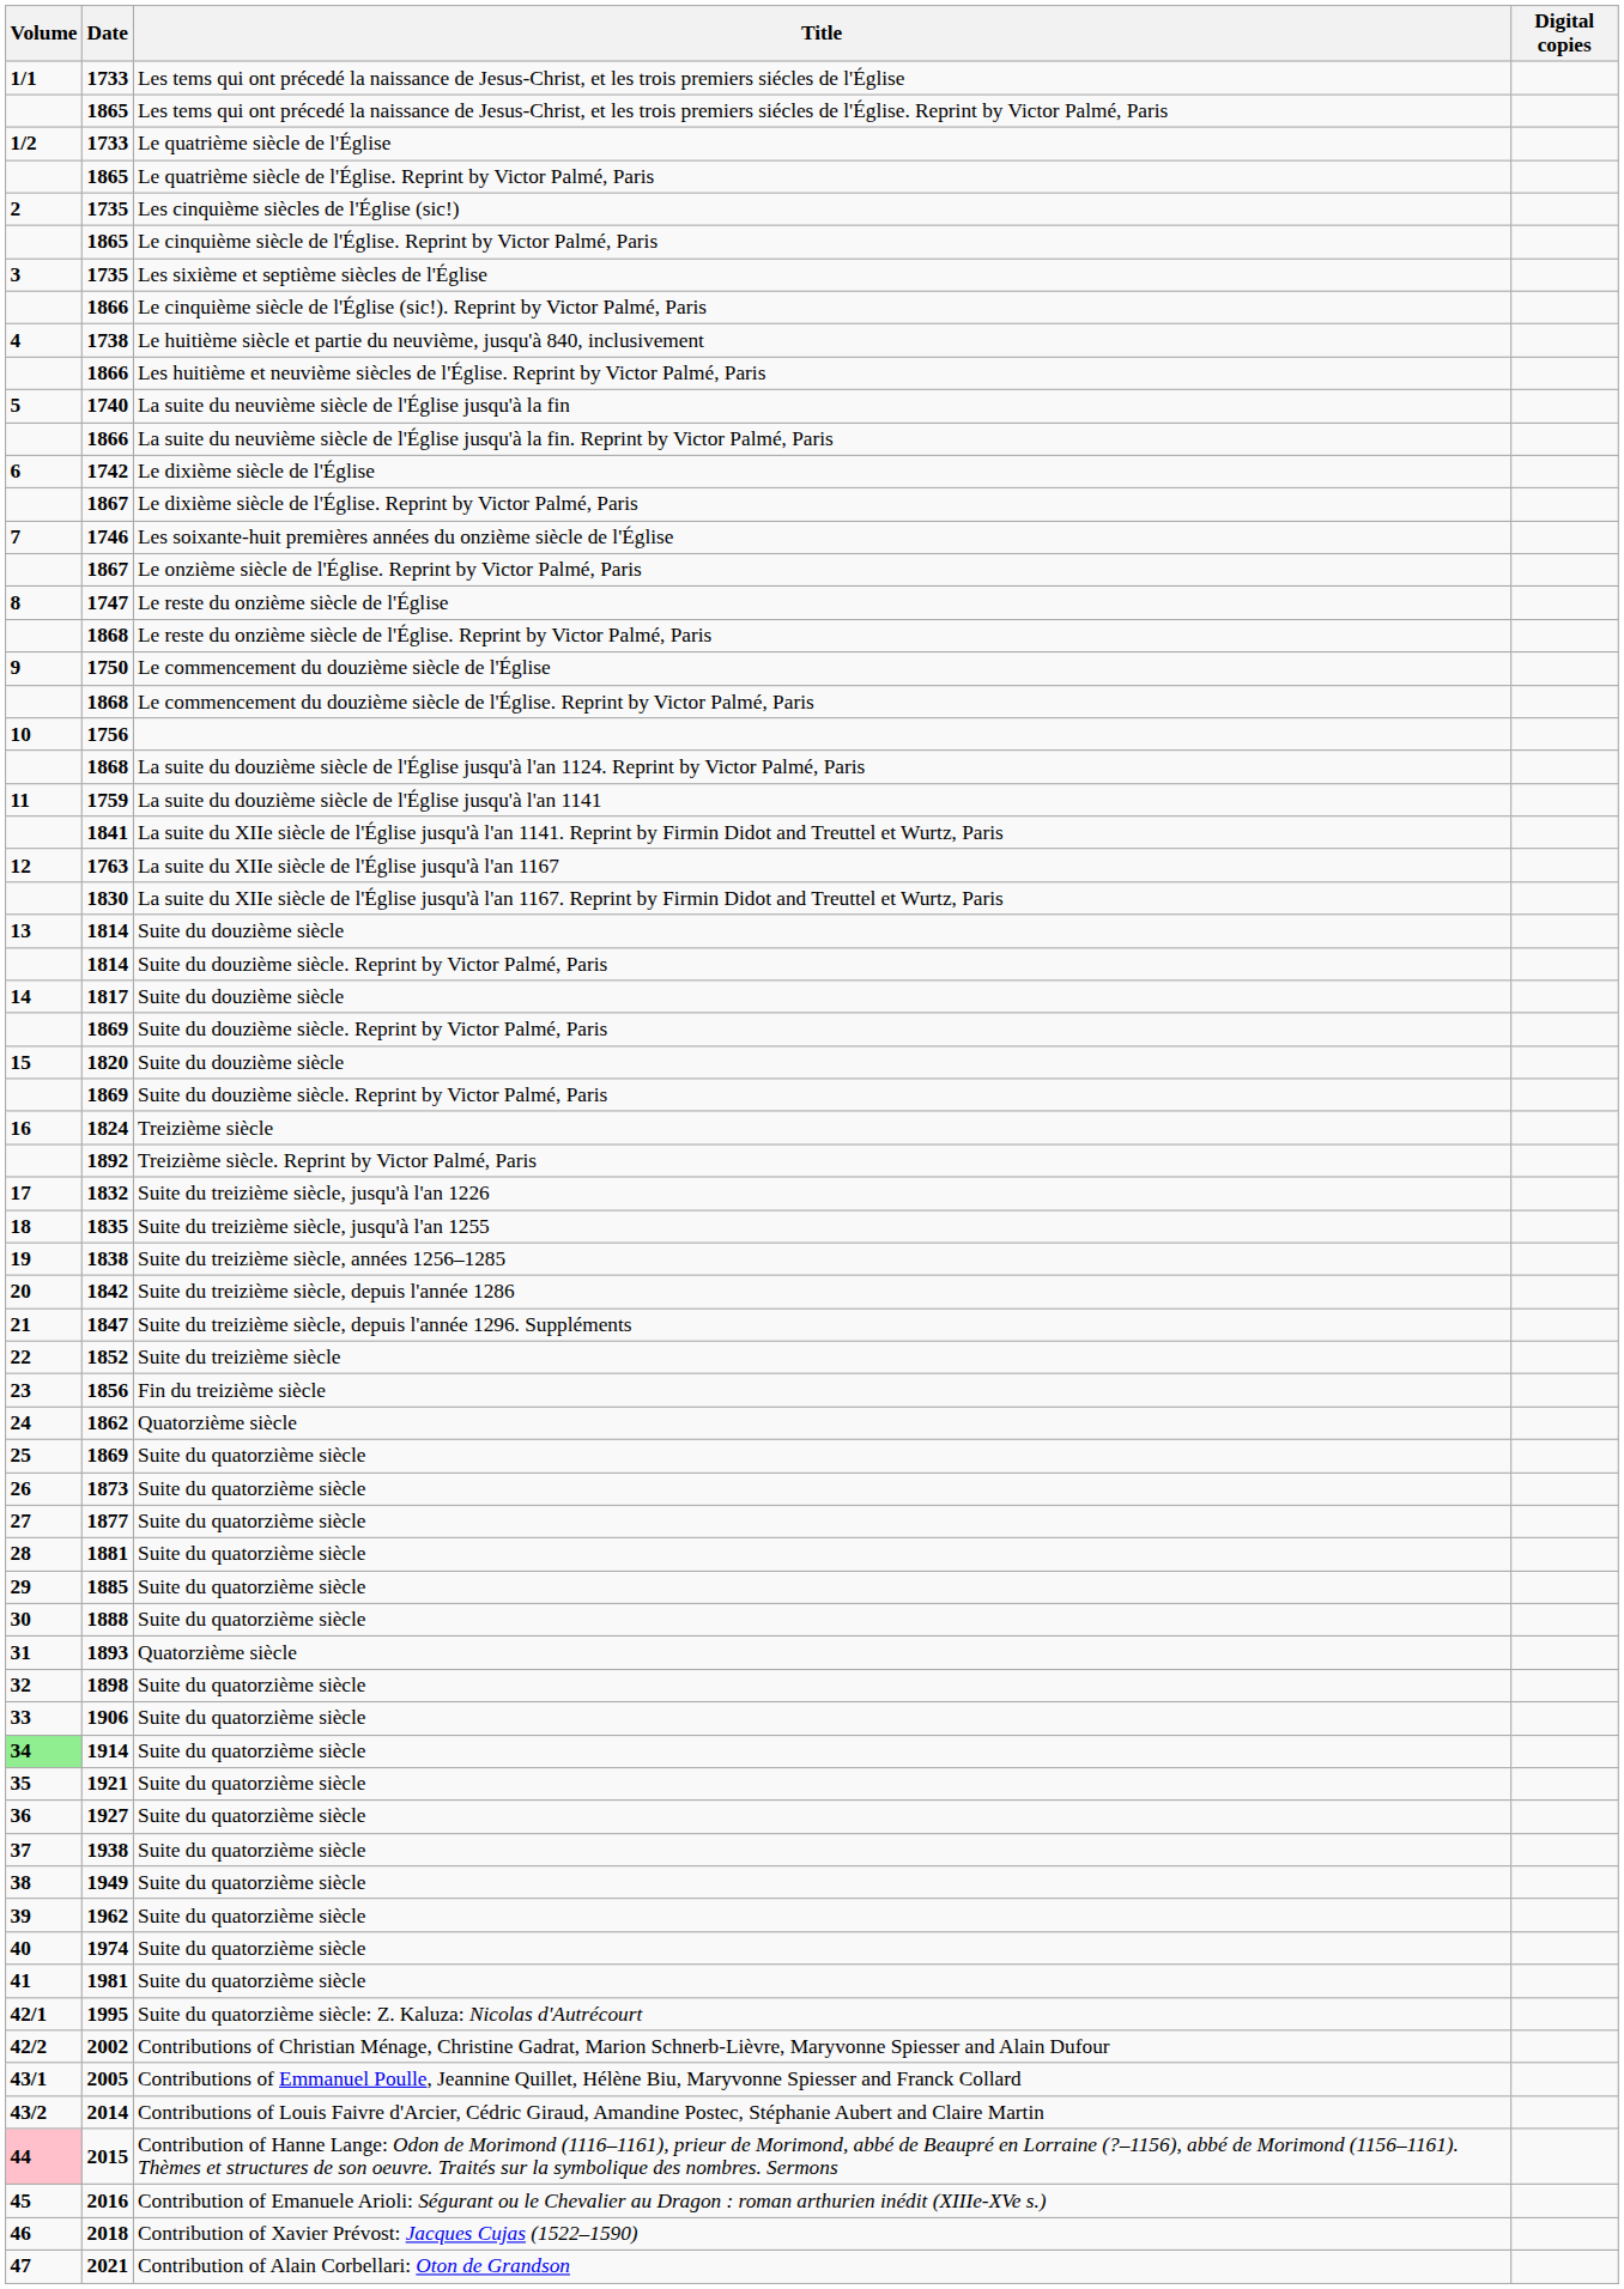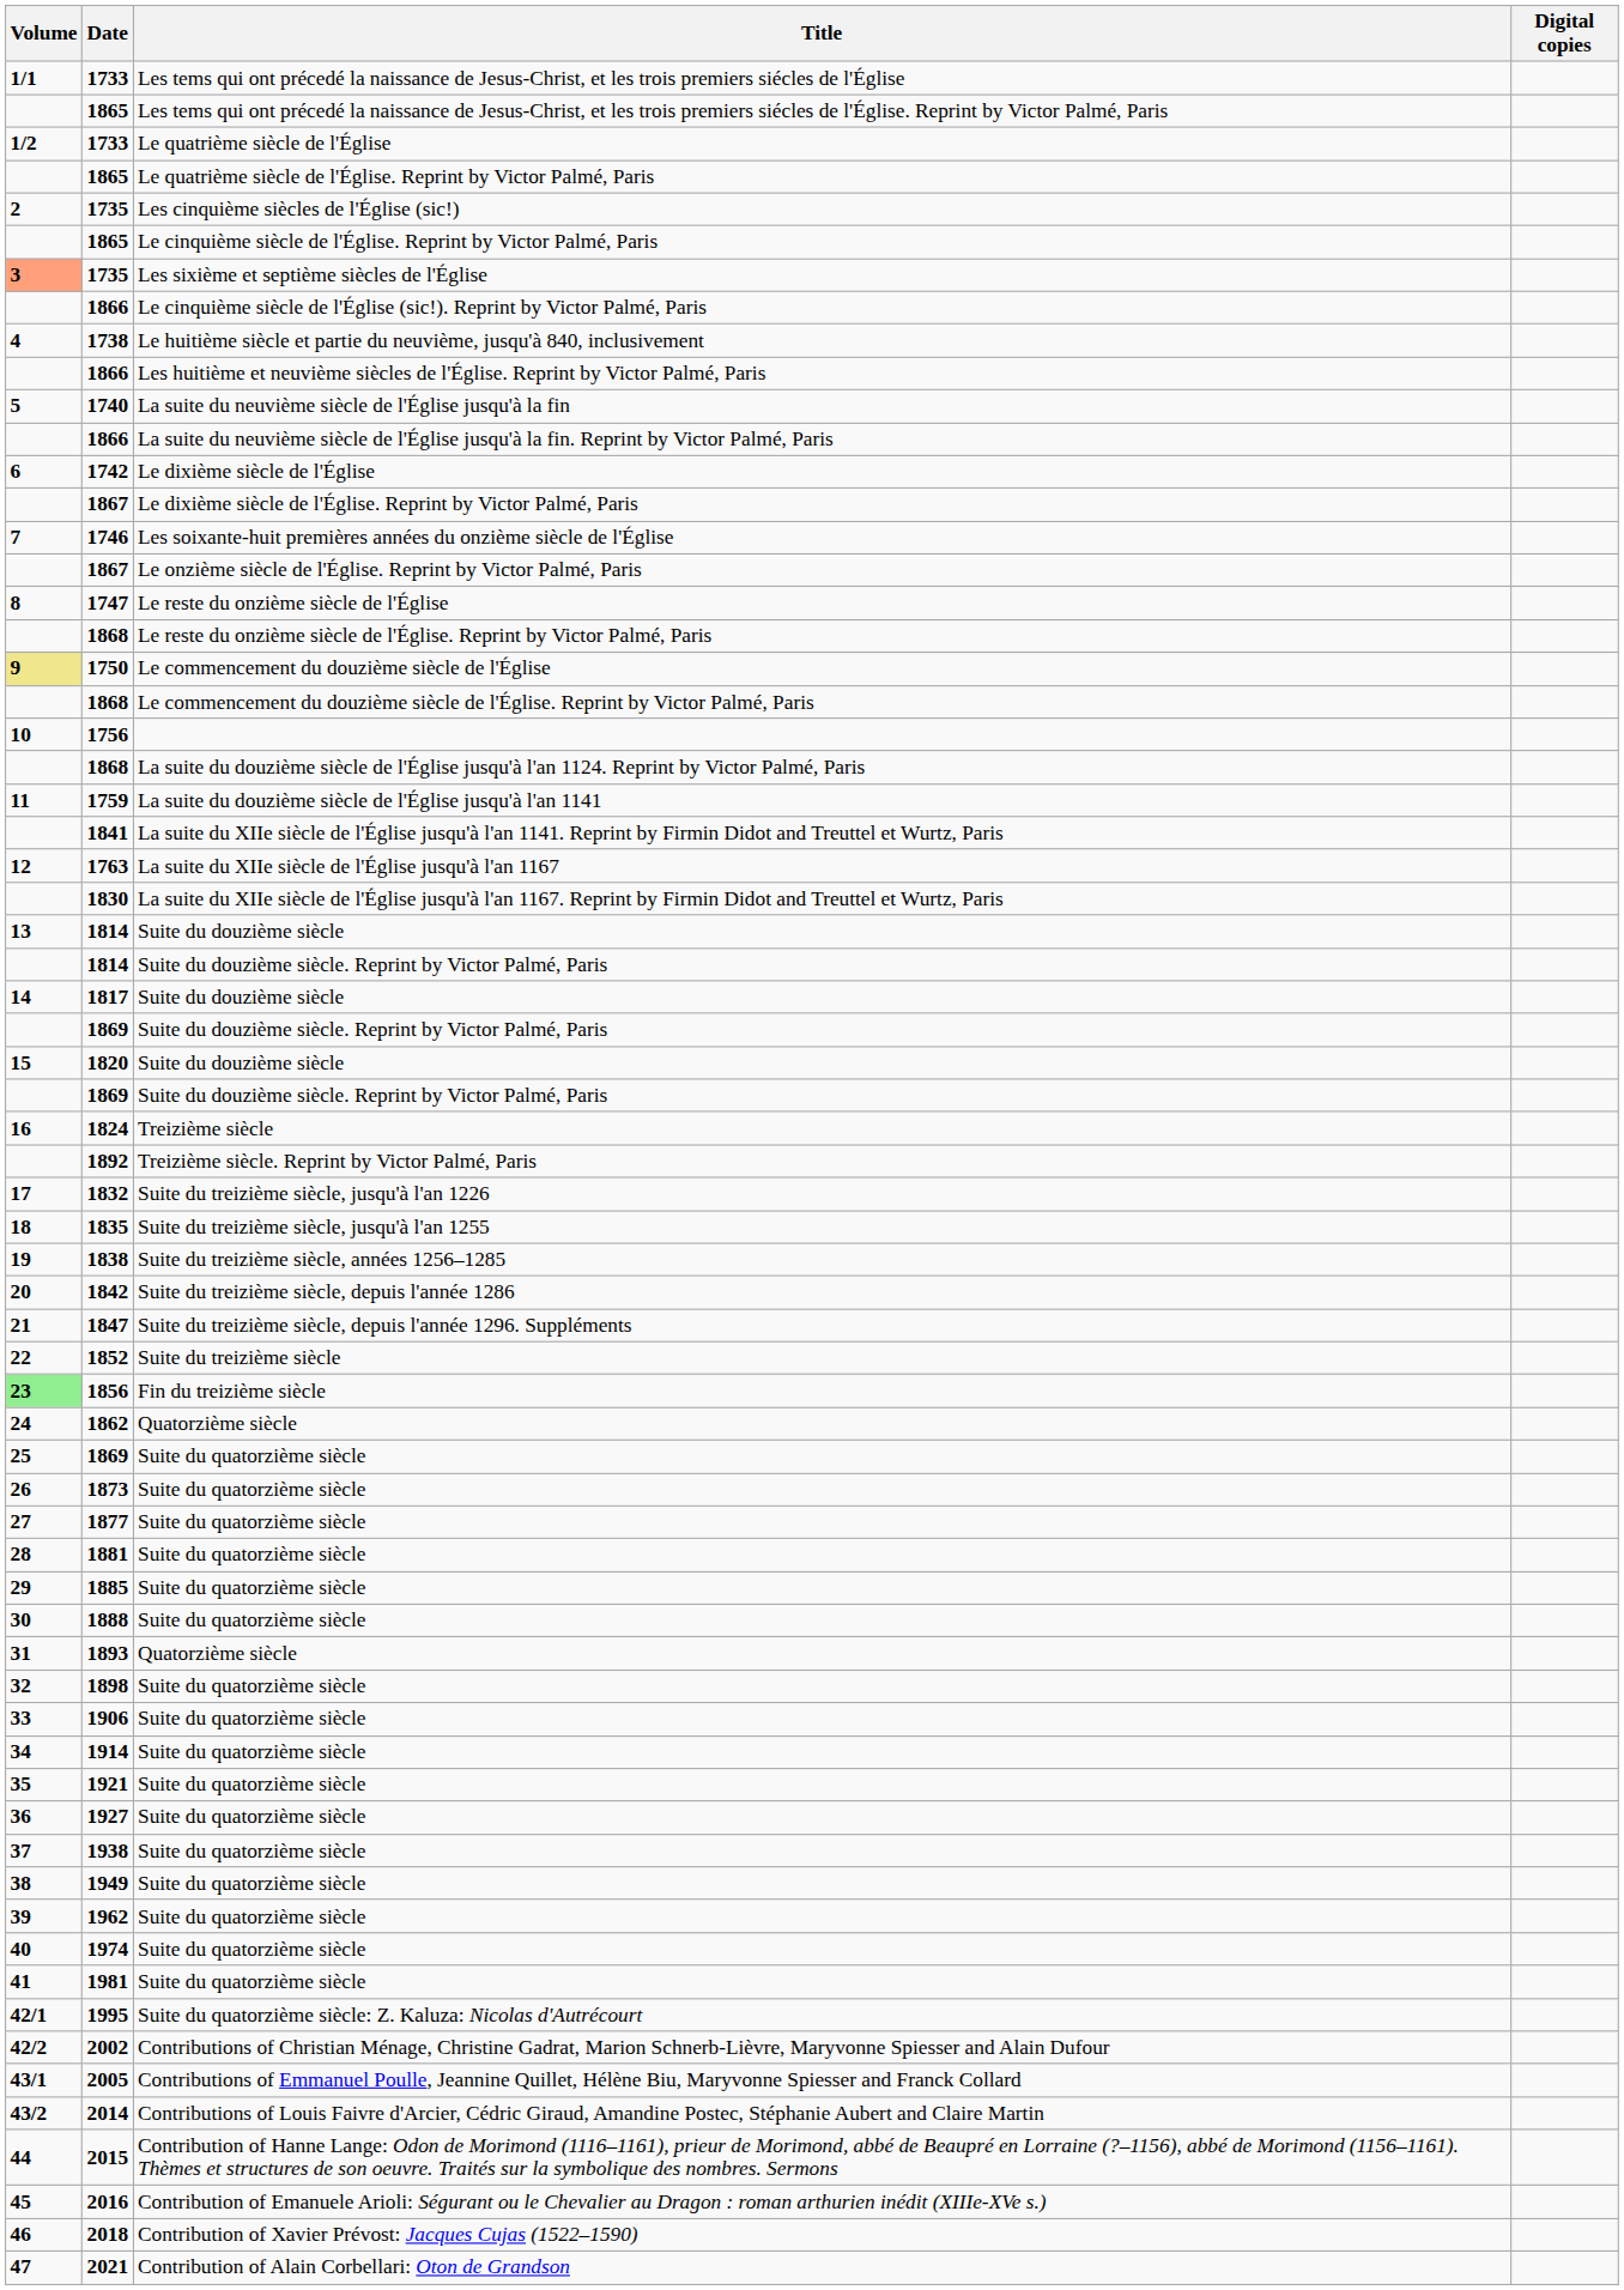 <table class="wikitable">
 <tr>
 <th align="left">Volume</th>
 <th align="left">Date</th>
 <th align="left">Title</th>
 <th align="left">Digital copies</th>
 </tr>
 <tr>
 <td><strong>1/1</strong></td>
 <td><strong>1733</strong></td>
 <td>Les tems qui ont précedé la naissance de Jesus-Christ, et les trois premiers siécles de l'Église</td>
 <td></td>
 </tr>
 <tr>
 <td></td>
 <td><strong>1865</strong></td>
 <td>Les tems qui ont précedé la naissance de Jesus-Christ, et les trois premiers siécles de l'Église. Reprint by Victor Palmé, Paris</td>
 <td></td>
 </tr>
 <tr>
 <td><strong>1/2</strong></td>
 <td><strong>1733</strong></td>
 <td>Le quatrième siècle de l'Église</td>
 <td></td>
 </tr>
 <tr>
 <td></td>
 <td><strong>1865</strong></td>
 <td>Le quatrième siècle de l'Église. Reprint by Victor Palmé, Paris</td>
 <td></td>
 </tr>
 <tr>
 <td><strong>2</strong></td>
 <td><strong>1735</strong></td>
 <td>Les cinquième siècles de l'Église (sic!)</td>
 <td></td>
 </tr>
 <tr>
 <td></td>
 <td><strong>1865</strong></td>
 <td>Le cinquième siècle de l'Église. Reprint by Victor Palmé, Paris</td>
 <td></td>
 </tr>
 <tr>
-<td><strong>3</strong></td>
+<td style="background: lightsalmon;"><strong>3</strong></td>
 <td><strong>1735</strong></td>
 <td>Les sixième et septième siècles de l'Église</td>
 <td></td>
 </tr>
 <tr>
 <td></td>
 <td><strong>1866</strong></td>
 <td>Le cinquième siècle de l'Église (sic!). Reprint by Victor Palmé, Paris</td>
 <td></td>
 </tr>
 <tr>
 <td><strong>4</strong></td>
 <td><strong>1738</strong></td>
 <td>Le huitième siècle et partie du neuvième, jusqu'à 840, inclusivement</td>
 <td></td>
 </tr>
 <tr>
 <td></td>
 <td><strong>1866</strong></td>
 <td>Les huitième et neuvième siècles de l'Église. Reprint by Victor Palmé, Paris</td>
 <td></td>
 </tr>
 <tr>
 <td><strong>5</strong></td>
 <td><strong>1740</strong></td>
 <td>La suite du neuvième siècle de l'Église jusqu'à la fin</td>
 <td></td>
 </tr>
 <tr>
 <td></td>
 <td><strong>1866</strong></td>
 <td>La suite du neuvième siècle de l'Église jusqu'à la fin. Reprint by Victor Palmé, Paris</td>
 <td></td>
 </tr>
 <tr>
 <td><strong>6</strong></td>
 <td><strong>1742</strong></td>
 <td>Le dixième siècle de l'Église</td>
 <td></td>
 </tr>
 <tr>
 <td></td>
 <td><strong>1867</strong></td>
 <td>Le dixième siècle de l'Église. Reprint by Victor Palmé, Paris</td>
 <td></td>
 </tr>
 <tr>
 <td><strong>7</strong></td>
 <td><strong>1746</strong></td>
 <td>Les soixante-huit premières années du onzième siècle de l'Église</td>
 <td></td>
 </tr>
 <tr>
 <td></td>
 <td><strong>1867</strong></td>
 <td>Le onzième siècle de l'Église. Reprint by Victor Palmé, Paris</td>
 <td></td>
 </tr>
 <tr>
 <td><strong>8</strong></td>
 <td><strong>1747</strong></td>
 <td>Le reste du onzième siècle de l'Église</td>
 <td></td>
 </tr>
 <tr>
 <td></td>
 <td><strong>1868</strong></td>
 <td>Le reste du onzième siècle de l'Église. Reprint by Victor Palmé, Paris</td>
 <td></td>
 </tr>
 <tr>
-<td><strong>9</strong></td>
+<td style="background: khaki;"><strong>9</strong></td>
 <td><strong>1750</strong></td>
 <td>Le commencement du douzième siècle de l'Église</td>
 <td></td>
 </tr>
 <tr>
 <td></td>
 <td><strong>1868</strong></td>
 <td>Le commencement du douzième siècle de l'Église. Reprint by Victor Palmé, Paris</td>
 <td></td>
 </tr>
 <tr>
 <td><strong>10</strong></td>
 <td><strong>1756</strong></td>
 <td></td>
 <td></td>
 </tr>
 <tr>
 <td></td>
 <td><strong>1868</strong></td>
 <td>La suite du douzième siècle de l'Église jusqu'à l'an 1124. Reprint by Victor Palmé, Paris</td>
 <td></td>
 </tr>
 <tr>
 <td><strong>11</strong></td>
 <td><strong>1759</strong></td>
 <td>La suite du douzième siècle de l'Église jusqu'à l'an 1141</td>
 <td></td>
 </tr>
 <tr>
 <td></td>
 <td><strong>1841</strong></td>
 <td>La suite du XIIe siècle de l'Église jusqu'à l'an 1141. Reprint by Firmin Didot and Treuttel et Wurtz, Paris</td>
 <td></td>
 </tr>
 <tr>
 <td><strong>12</strong></td>
 <td><strong>1763</strong></td>
 <td>La suite du XIIe siècle de l'Église jusqu'à l'an 1167</td>
 <td></td>
 </tr>
 <tr>
 <td></td>
 <td><strong>1830</strong></td>
 <td>La suite du XIIe siècle de l'Église jusqu'à l'an 1167. Reprint by Firmin Didot and Treuttel et Wurtz, Paris</td>
 <td></td>
 </tr>
 <tr>
 <td><strong>13</strong></td>
 <td><strong>1814</strong></td>
 <td>Suite du douzième siècle</td>
 <td></td>
 </tr>
 <tr>
 <td></td>
 <td><strong>1814</strong></td>
 <td>Suite du douzième siècle. Reprint by Victor Palmé, Paris</td>
 <td></td>
 </tr>
 <tr>
 <td><strong>14</strong></td>
 <td><strong>1817</strong></td>
 <td>Suite du douzième siècle</td>
 <td></td>
 </tr>
 <tr>
 <td></td>
 <td><strong>1869</strong></td>
 <td>Suite du douzième siècle. Reprint by Victor Palmé, Paris</td>
 <td></td>
 </tr>
 <tr>
 <td><strong>15</strong></td>
 <td><strong>1820</strong></td>
 <td>Suite du douzième siècle</td>
 <td></td>
 </tr>
 <tr>
 <td></td>
 <td><strong>1869</strong></td>
 <td>Suite du douzième siècle. Reprint by Victor Palmé, Paris</td>
 <td></td>
 </tr>
 <tr>
 <td><strong>16</strong></td>
 <td><strong>1824</strong></td>
 <td>Treizième siècle</td>
 <td></td>
 </tr>
 <tr>
 <td></td>
 <td><strong>1892</strong></td>
 <td>Treizième siècle. Reprint by Victor Palmé, Paris</td>
 <td></td>
 </tr>
 <tr>
 <td><strong>17</strong></td>
 <td><strong>1832</strong></td>
 <td>Suite du treizième siècle, jusqu'à l'an 1226</td>
 <td></td>
 </tr>
 <tr>
 <td><strong>18</strong></td>
 <td><strong>1835</strong></td>
 <td>Suite du treizième siècle, jusqu'à l'an 1255</td>
 <td></td>
 </tr>
 <tr>
 <td><strong>19</strong></td>
 <td><strong>1838</strong></td>
 <td>Suite du treizième siècle, années 1256–1285</td>
 <td></td>
 </tr>
 <tr>
 <td><strong>20</strong></td>
 <td><strong>1842</strong></td>
 <td>Suite du treizième siècle, depuis l'année 1286</td>
 <td></td>
 </tr>
 <tr>
 <td><strong>21</strong></td>
 <td><strong>1847</strong></td>
 <td>Suite du treizième siècle, depuis l'année 1296. Suppléments</td>
 <td></td>
 </tr>
 <tr>
 <td><strong>22</strong></td>
 <td><strong>1852</strong></td>
 <td>Suite du treizième siècle</td>
 <td></td>
 </tr>
 <tr>
-<td><strong>23</strong></td>
+<td style="background: lightgreen;"><strong>23</strong></td>
 <td><strong>1856</strong></td>
 <td>Fin du treizième siècle</td>
 <td></td>
 </tr>
 <tr>
 <td><strong>24</strong></td>
 <td><strong>1862</strong></td>
 <td>Quatorzième siècle</td>
 <td></td>
 </tr>
 <tr>
 <td><strong>25</strong></td>
 <td><strong>1869</strong></td>
 <td>Suite du quatorzième siècle</td>
 <td></td>
 </tr>
 <tr>
 <td><strong>26</strong></td>
 <td><strong>1873</strong></td>
 <td>Suite du quatorzième siècle</td>
 <td></td>
 </tr>
 <tr>
 <td><strong>27</strong></td>
 <td><strong>1877</strong></td>
 <td>Suite du quatorzième siècle</td>
 <td></td>
 </tr>
 <tr>
 <td><strong>28</strong></td>
 <td><strong>1881</strong></td>
 <td>Suite du quatorzième siècle</td>
 <td></td>
 </tr>
 <tr>
 <td><strong>29</strong></td>
 <td><strong>1885</strong></td>
 <td>Suite du quatorzième siècle</td>
 <td></td>
 </tr>
 <tr>
 <td><strong>30</strong></td>
 <td><strong>1888</strong></td>
 <td>Suite du quatorzième siècle</td>
 <td></td>
 </tr>
 <tr>
 <td><strong>31</strong></td>
 <td><strong>1893</strong></td>
 <td>Quatorzième siècle</td>
 <td></td>
 </tr>
 <tr>
 <td><strong>32</strong></td>
 <td><strong>1898</strong></td>
 <td>Suite du quatorzième siècle</td>
 <td></td>
 </tr>
 <tr>
 <td><strong>33</strong></td>
 <td><strong>1906</strong></td>
 <td>Suite du quatorzième siècle</td>
 <td></td>
 </tr>
 <tr>
-<td style="background: lightgreen;"><strong>34</strong></td>
+<td><strong>34</strong></td>
 <td><strong>1914</strong></td>
 <td>Suite du quatorzième siècle</td>
 <td></td>
 </tr>
 <tr>
 <td><strong>35</strong></td>
 <td><strong>1921</strong></td>
 <td>Suite du quatorzième siècle</td>
 <td></td>
 </tr>
 <tr>
 <td><strong>36</strong></td>
 <td><strong>1927</strong></td>
 <td>Suite du quatorzième siècle</td>
 <td></td>
 </tr>
 <tr>
 <td><strong>37</strong></td>
 <td><strong>1938</strong></td>
 <td>Suite du quatorzième siècle</td>
 <td></td>
 </tr>
 <tr>
 <td><strong>38</strong></td>
 <td><strong>1949</strong></td>
 <td>Suite du quatorzième siècle</td>
 <td></td>
 </tr>
 <tr>
 <td><strong>39</strong></td>
 <td><strong>1962</strong></td>
 <td>Suite du quatorzième siècle</td>
 <td></td>
 </tr>
 <tr>
 <td><strong>40</strong></td>
 <td><strong>1974</strong></td>
 <td>Suite du quatorzième siècle</td>
 <td></td>
 </tr>
 <tr>
 <td><strong>41</strong></td>
 <td><strong>1981</strong></td>
 <td>Suite du quatorzième siècle</td>
 <td></td>
 </tr>
 <tr>
 <td><strong>42/1</strong></td>
 <td><strong>1995</strong></td>
 <td>Suite du quatorzième siècle: Z. Kaluza: <em>Nicolas d'Autrécourt</em></td>
 <td></td>
 </tr>
 <tr>
 <td><strong>42/2</strong></td>
 <td><strong>2002</strong></td>
 <td>Contributions of Christian Ménage, Christine Gadrat, Marion Schnerb-Lièvre, Maryvonne Spiesser and Alain Dufour</td>
 <td></td>
 </tr>
 <tr>
 <td><strong>43/1</strong></td>
 <td><strong>2005</strong></td>
 <td>Contributions of <a href='#'>Emmanuel Poulle</a>, Jeannine Quillet, Hélène Biu, Maryvonne Spiesser and Franck Collard</td>
 <td></td>
 </tr>
 <tr>
 <td><strong>43/2</strong></td>
 <td><strong>2014</strong></td>
 <td>Contributions of Louis Faivre d'Arcier, Cédric Giraud, Amandine Postec, Stéphanie Aubert and Claire Martin</td>
 <td></td>
 </tr>
 <tr>
-<td style="background: pink;"><strong>44</strong></td>
+<td><strong>44</strong></td>
 <td><strong>2015</strong></td>
 <td>Contribution of Hanne Lange: <em>Odon de Morimond (1116–1161), prieur de Morimond, abbé de Beaupré en Lorraine (?–1156), abbé de Morimond (1156–1161). Thèmes et structures de son oeuvre. Traités sur la symbolique des nombres. Sermons</em></td>
 <td></td>
 </tr>
 <tr>
 <td><strong>45</strong></td>
 <td><strong>2016</strong></td>
 <td>Contribution of Emanuele Arioli: <em>Ségurant ou le Chevalier au Dragon : roman arthurien inédit (XIIIe-XVe s.)</em></td>
 <td></td>
 </tr>
 <tr>
 <td><strong>46</strong></td>
 <td><strong>2018</strong></td>
 <td>Contribution of Xavier Prévost: <em><a href='#'>Jacques Cujas</a> (1522–1590)</em></td>
 <td></td>
 </tr>
 <tr>
 <td><strong>47</strong></td>
 <td><strong>2021</strong></td>
 <td>Contribution of Alain Corbellari: <em><a href='#'>Oton de Grandson</a></em></td>
 <td></td>
 </tr>
 <tr>
 </tr>
 </table>
